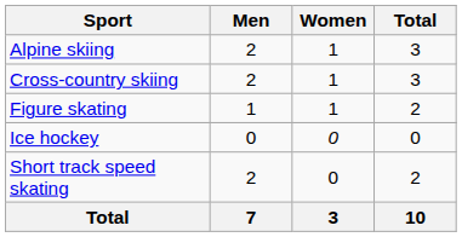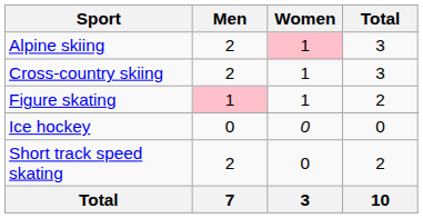 <table class="wikitable" style="text-align:center; font-size: 95%">
 <tr>
 <th width=160>Sport</th>
 <th width=60>Men</th>
 <th width=60>Women</th>
 <th width=60>Total</th>
 </tr>
 <tr>
 <td align=left><a href='#'>Alpine skiing</a></td>
 <td>2</td>
-<td>1</td>
+<td style="background: pink;">1</td>
 <td>3</td>
 </tr>
 <tr>
 <td align=left><a href='#'>Cross-country skiing</a></td>
 <td>2</td>
 <td>1</td>
 <td>3</td>
 </tr>
 <tr>
 <td align=left><a href='#'>Figure skating</a></td>
-<td>1</td>
+<td style="background: pink;">1</td>
 <td>1</td>
 <td>2</td>
 </tr>
 <tr>
 </tr>
 <tr>
 <td align=left><a href='#'>Ice hockey</a></td>
 <td>0</td>
 <td><em>0</em></td>
 <td>0</td>
 </tr>
 <tr>
 <td align=left><a href='#'>Short track speed skating</a></td>
 <td>2</td>
 <td>0</td>
 <td>2</td>
 </tr>
 <tr>
 <th>Total</th>
 <th>7</th>
 <th>3</th>
 <th>10</th>
 </tr>
 </table>
